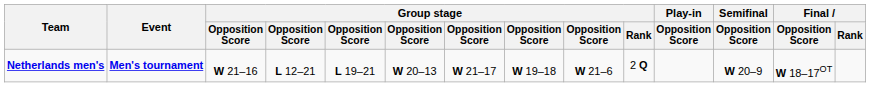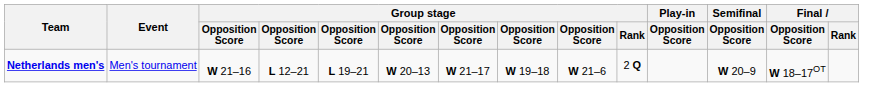 <table class=wikitable style=font-size:90%;text-align:center>
 <tr>
 <th rowspan=2>Team</th>
 <th rowspan=2>Event</th>
 <th colspan=8>Group stage</th>
 <th>Play-in</th>
 <th>Semifinal</th>
 <th colspan=2>Final / </th>
 </tr>
 <tr style=font-size:95%>
 <th>Opposition<br>Score</th>
 <th>Opposition<br>Score</th>
 <th>Opposition<br>Score</th>
 <th>Opposition<br>Score</th>
 <th>Opposition<br>Score</th>
 <th>Opposition<br>Score</th>
 <th>Opposition<br>Score</th>
 <th>Rank</th>
 <th>Opposition<br>Score</th>
 <th>Opposition<br>Score</th>
 <th>Opposition<br>Score</th>
 <th>Rank</th>
 </tr>
 <tr>
 <td align=left><strong><a href='#'>Netherlands men's</a></strong></td>
-<td align=left><strong><a href='#'>Men's tournament</a></strong></td>
+<td align=left><a href='#'>Men's tournament</a></td>
 <td><br><strong>W</strong> 21–16</td>
 <td><br><strong>L</strong> 12–21</td>
 <td><br><strong>L</strong> 19–21</td>
 <td><br><strong>W</strong> 20–13</td>
 <td><br><strong>W</strong> 21–17</td>
 <td><br><strong>W</strong> 19–18</td>
 <td><br><strong>W</strong> 21–6</td>
 <td>2 <strong>Q</strong></td>
 <td></td>
 <td><br><strong>W</strong> 20–9</td>
 <td><br><strong>W</strong> 18–17<sup>OT</sup></td>
 <td></td>
 </tr>
 </table>
